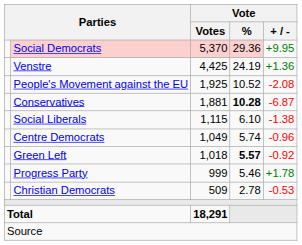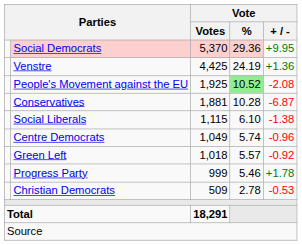 <table class="wikitable" style="text-align:right;">
 <tr>
 <th style="text-align:centre;" rowspan="2" colspan="2" width="225">Parties</th>
 <th colspan="3">Vote</th>
 </tr>
 <tr>
 <th width="15">Votes</th>
 <th width="15">%</th>
 <th width="15">+ / -</th>
 </tr>
 <tr>
 <td width="2" style="color:inherit;background:"></td>
 <td bgcolor=#fbd0ce   align="left"><a href='#'>Social Democrats</a></td>
 <td bgcolor=#fbd0ce>5,370</td>
 <td bgcolor=#fbd0ce>29.36</td>
 <td style=color:green;>+9.95</td>
 </tr>
 <tr>
 <td width="2" style="color:inherit;background:"></td>
 <td align="left"><a href='#'>Venstre</a></td>
 <td>4,425</td>
 <td>24.19</td>
 <td style=color:green;>+1.36</td>
 </tr>
 <tr>
 <td width="2" style="color:inherit;background:"></td>
 <td align="left"><a href='#'>People's Movement against the EU</a></td>
 <td>1,925</td>
-<td>10.52</td>
+<td style="background: lightgreen;">10.52</td>
 <td style=color:red;>-2.08</td>
 </tr>
 <tr>
 <td width="2" style="color:inherit;background:"></td>
 <td align="left"><a href='#'>Conservatives</a></td>
 <td>1,881</td>
-<td><strong>10.28</strong></td>
+<td>10.28</td>
 <td style=color:red;>-6.87</td>
 </tr>
 <tr>
 <td width="2" style="color:inherit;background:"></td>
 <td align="left"><a href='#'>Social Liberals</a></td>
 <td>1,115</td>
 <td>6.10</td>
 <td style=color:red;>-1.38</td>
 </tr>
 <tr>
 <td width="2" style="color:inherit;background:"></td>
 <td align="left"><a href='#'>Centre Democrats</a></td>
 <td>1,049</td>
 <td>5.74</td>
 <td style=color:red;>-0.96</td>
 </tr>
 <tr>
 <td width="2" style="color:inherit;background:"></td>
 <td align="left"><a href='#'>Green Left</a></td>
 <td>1,018</td>
-<td><strong>5.57</strong></td>
+<td>5.57</td>
 <td style=color:red;>-0.92</td>
 </tr>
 <tr>
 <td width="2" style="color:inherit;background:"></td>
 <td align="left"><a href='#'>Progress Party</a></td>
 <td>999</td>
 <td>5.46</td>
 <td style=color:green;>+1.78</td>
 </tr>
 <tr>
 <td width="2" style="color:inherit;background:"></td>
 <td align="left"><a href='#'>Christian Democrats</a></td>
 <td>509</td>
 <td>2.78</td>
 <td style=color:red;>-0.53</td>
 </tr>
 <tr>
 <td colspan="7" bgcolor="#E9E9E9"></td>
 </tr>
 <tr>
 <td align="left" colspan="2"><strong>Total</strong></td>
 <td><strong>18,291</strong></td>
 <td bgcolor="#E9E9E9" colspan="2"></td>
 </tr>
 <tr>
 <td align="left" colspan="6">Source</td>
 </tr>
 </table>
